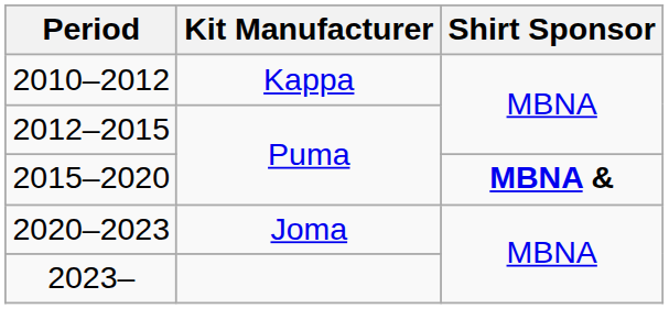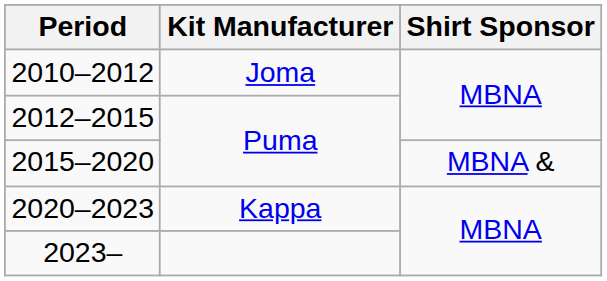 <table class="wikitable" style="text-align: center">
 <tr>
 <th>Period</th>
 <th>Kit Manufacturer</th>
 <th>Shirt Sponsor</th>
 </tr>
 <tr>
 <td>2010–2012</td>
-<td><a href='#'>Kappa</a></td>
+<td><a href='#'>Joma</a></td>
 <td rowspan=2><a href='#'>MBNA</a></td>
 </tr>
 <tr>
 <td>2012–2015</td>
 <td rowspan=2><a href='#'>Puma</a></td>
 </tr>
 <tr>
 <td>2015–2020</td>
-<td><strong><a href='#'>MBNA</a> & </strong></td>
+<td><a href='#'>MBNA</a> & </td>
 </tr>
 <tr>
 <td>2020–2023</td>
-<td><a href='#'>Joma</a></td>
+<td><a href='#'>Kappa</a></td>
 <td rowspan=2><a href='#'>MBNA</a></td>
 </tr>
 <tr>
 <td>2023–</td>
 <td></td>
 </tr>
 </table>
